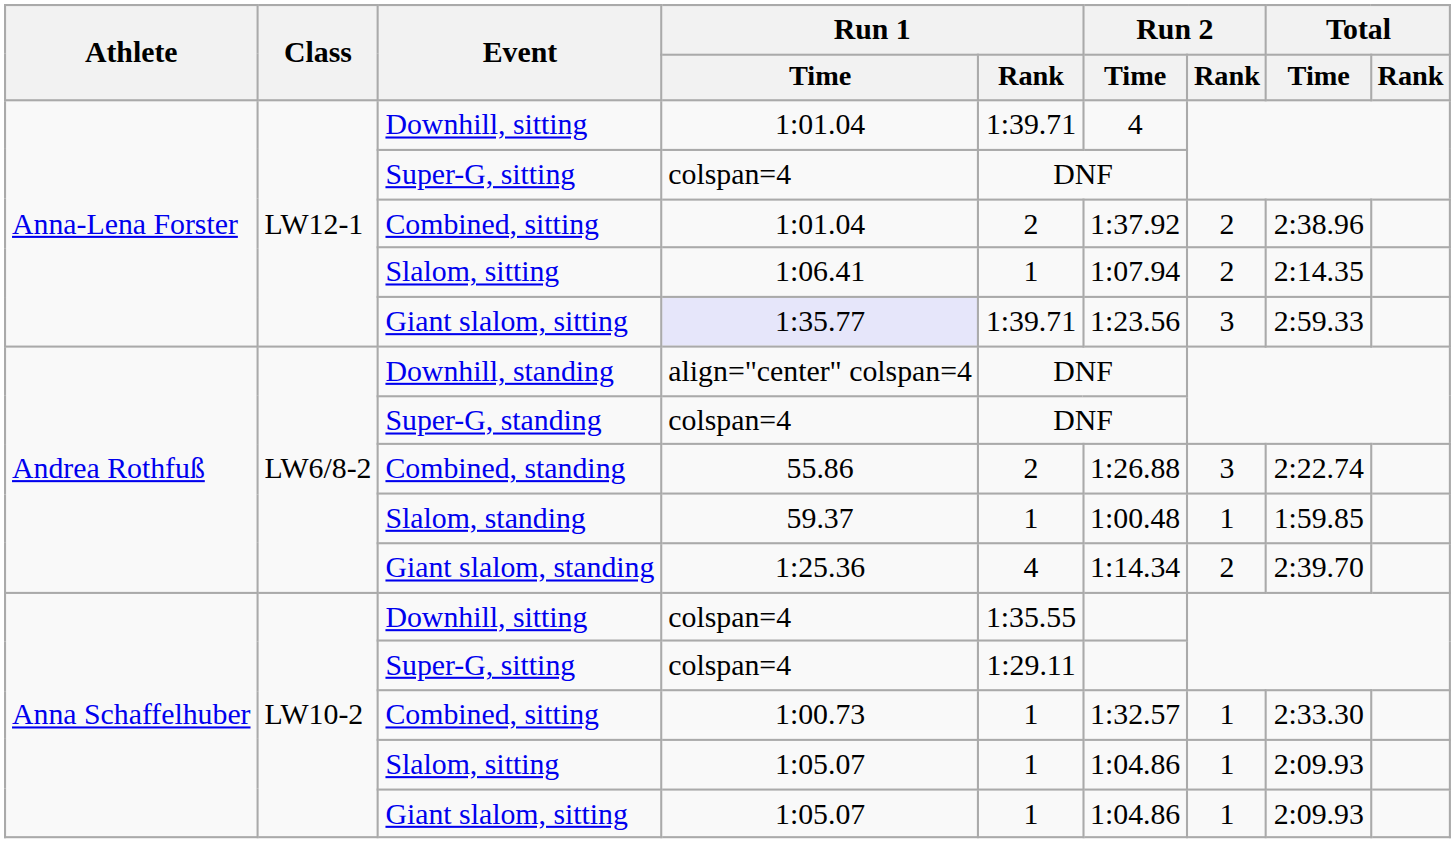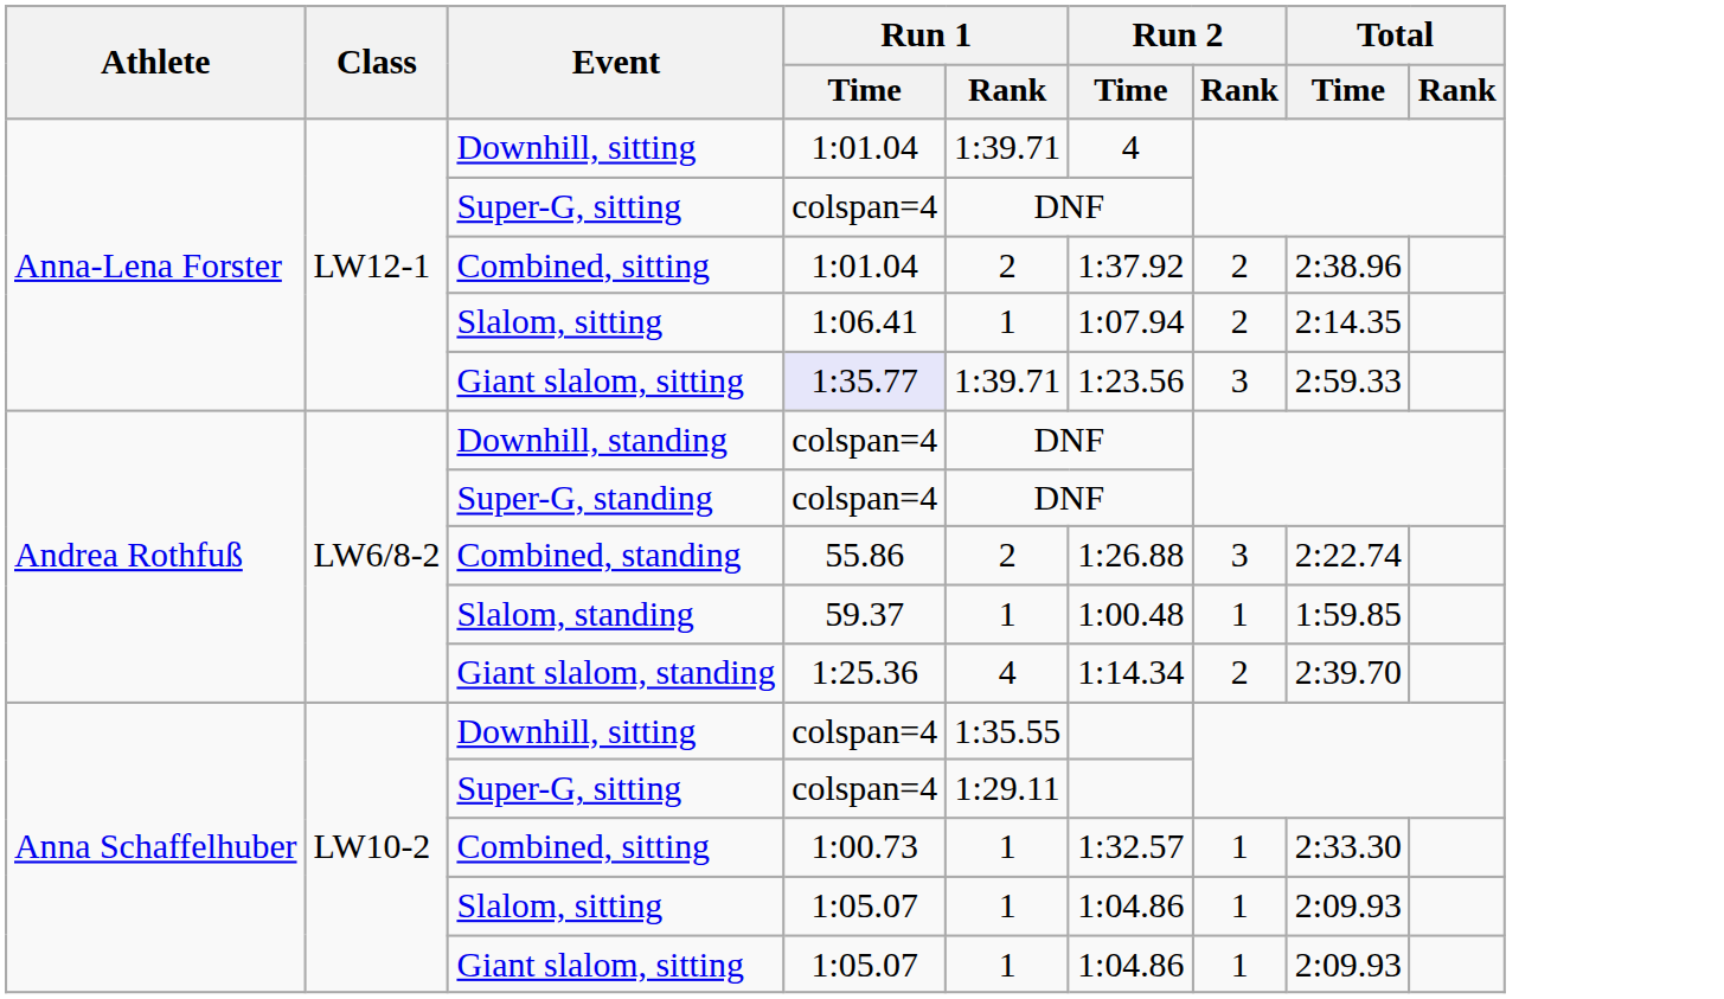 <table class="wikitable" style="font-size:90%">
 <tr>
 <th rowspan=2>Athlete</th>
 <th rowspan=2>Class</th>
 <th rowspan=2>Event</th>
 <th colspan=2>Run 1</th>
 <th colspan=2>Run 2</th>
 <th colspan=2>Total</th>
 </tr>
 <tr style="font-size:95%">
 <th>Time</th>
 <th>Rank</th>
 <th>Time</th>
 <th>Rank</th>
 <th>Time</th>
 <th>Rank</th>
 </tr>
 <tr>
 <td rowspan=5><a href='#'>Anna-Lena Forster</a></td>
 <td rowspan=5>LW12-1</td>
 <td><a href='#'>Downhill, sitting</a></td>
 <td align="center">1:01.04</td>
 <td align="center">1:39.71</td>
 <td align="center">4</td>
 </tr>
 <tr>
 <td><a href='#'>Super-G, sitting</a></td>
 <td>colspan=4 </td>
 <td align="center" colspan=2>DNF</td>
 </tr>
 <tr>
 <td><a href='#'>Combined, sitting</a></td>
 <td align="center">1:01.04</td>
 <td align="center">2</td>
 <td align="center">1:37.92</td>
 <td align="center">2</td>
 <td align="center">2:38.96</td>
 <td align="center"></td>
 </tr>
 <tr>
 <td><a href='#'>Slalom, sitting</a></td>
 <td align="center">1:06.41</td>
 <td align="center">1</td>
 <td align="center">1:07.94</td>
 <td align="center">2</td>
 <td align="center">2:14.35</td>
 <td align="center"></td>
 </tr>
 <tr>
 <td><a href='#'>Giant slalom, sitting</a></td>
 <td align="center" style="background: lavender;">1:35.77</td>
 <td align="center">1:39.71</td>
 <td align="center">1:23.56</td>
 <td align="center">3</td>
 <td align="center">2:59.33</td>
 <td align="center"></td>
 </tr>
 <tr>
 <td rowspan=5><a href='#'>Andrea Rothfuß</a></td>
 <td rowspan=5>LW6/8-2</td>
 <td><a href='#'>Downhill, standing</a></td>
-<td>align="center" colspan=4 </td>
+<td>colspan=4 </td>
 <td align="center" colspan=2>DNF</td>
 </tr>
 <tr>
 <td><a href='#'>Super-G, standing</a></td>
 <td>colspan=4 </td>
 <td align="center" colspan=2>DNF</td>
 </tr>
 <tr>
 <td><a href='#'>Combined, standing</a></td>
 <td align="center">55.86</td>
 <td align="center">2</td>
 <td align="center">1:26.88</td>
 <td align="center">3</td>
 <td align="center">2:22.74</td>
 <td align="center"></td>
 </tr>
 <tr>
 <td><a href='#'>Slalom, standing</a></td>
 <td align="center">59.37</td>
 <td align="center">1</td>
 <td align="center">1:00.48</td>
 <td align="center">1</td>
 <td align="center">1:59.85</td>
 <td align="center"></td>
 </tr>
 <tr>
 <td><a href='#'>Giant slalom, standing</a></td>
 <td align="center">1:25.36</td>
 <td align="center">4</td>
 <td align="center">1:14.34</td>
 <td align="center">2</td>
 <td align="center">2:39.70</td>
 <td align="center"></td>
 </tr>
 <tr>
 <td rowspan=5><a href='#'>Anna Schaffelhuber</a></td>
 <td rowspan=5>LW10-2</td>
 <td><a href='#'>Downhill, sitting</a></td>
 <td>colspan=4 </td>
 <td align="center">1:35.55</td>
 <td align="center"></td>
 </tr>
 <tr>
 <td><a href='#'>Super-G, sitting</a></td>
 <td>colspan=4 </td>
 <td align="center">1:29.11</td>
 <td align="center"></td>
 </tr>
 <tr>
 <td><a href='#'>Combined, sitting</a></td>
 <td align="center">1:00.73</td>
 <td align="center">1</td>
 <td align="center">1:32.57</td>
 <td align="center">1</td>
 <td align="center">2:33.30</td>
 <td align="center"></td>
 </tr>
 <tr>
 <td><a href='#'>Slalom, sitting</a></td>
 <td align="center">1:05.07</td>
 <td align="center">1</td>
 <td align="center">1:04.86</td>
 <td align="center">1</td>
 <td align="center">2:09.93</td>
 <td align="center"></td>
 </tr>
 <tr>
 <td><a href='#'>Giant slalom, sitting</a></td>
 <td align="center">1:05.07</td>
 <td align="center">1</td>
 <td align="center">1:04.86</td>
 <td align="center">1</td>
 <td align="center">2:09.93</td>
 <td align="center"></td>
 </tr>
 </table>
